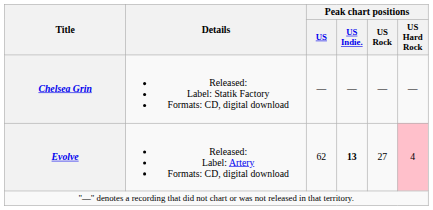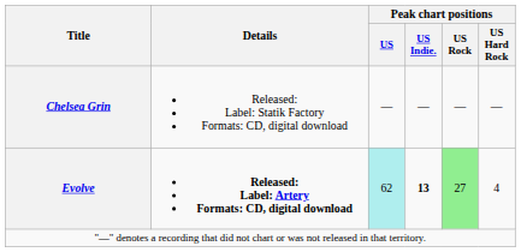 <table class="wikitable plainrowheaders" style="text-align:center;">
 <tr>
 <th scope="col" rowspan="2" style="width:12em;">Title</th>
 <th scope="col" rowspan="2" style="width:18em;">Details</th>
 <th scope="col" colspan="10">Peak chart positions</th>
 </tr>
 <tr>
 <th scope="col" style="width:3em;font-size:90%;"><a href='#'>US</a><br></th>
 <th scope="col" style="width:3em;font-size:90%;"><a href='#'>US<br>Indie.</a><br></th>
 <th scope="col" style="width:3em;font-size:90%;">US<br>Rock<br></th>
 <th scope="col" style="width:3em;font-size:90%;">US<br>Hard Rock<br></th>
 </tr>
 <tr>
 <th scope="row"><em><a href='#'>Chelsea Grin</a></em></th>
 <td><br><ul><li>Released: </li><li>Label: Statik Factory</li><li>Formats: CD, digital download</li></ul></td>
 <td>—</td>
 <td>—</td>
 <td>—</td>
 <td>—</td>
 </tr>
 <tr>
 <th scope="row"><em><a href='#'>Evolve</a></em></th>
-<td><br><ul><li>Released: </li><li>Label: <a href='#'>Artery</a></li><li>Formats: CD, digital download</li></ul></td>
-<td>62</td>
+<td><strong><br><ul><li>Released: </li><li>Label: <a href='#'>Artery</a></li><li>Formats: CD, digital download</li></ul></strong></td>
+<td style="background: paleturquoise;">62</td>
 <td><strong>13</strong></td>
-<td>27</td>
-<td style="background: pink;">4</td>
+<td style="background: lightgreen;">27</td>
+<td>4</td>
 </tr>
 <tr>
 <td colspan="15" style="font-size:90%">"—" denotes a recording that did not chart or was not released in that territory.</td>
 </tr>
 </table>
